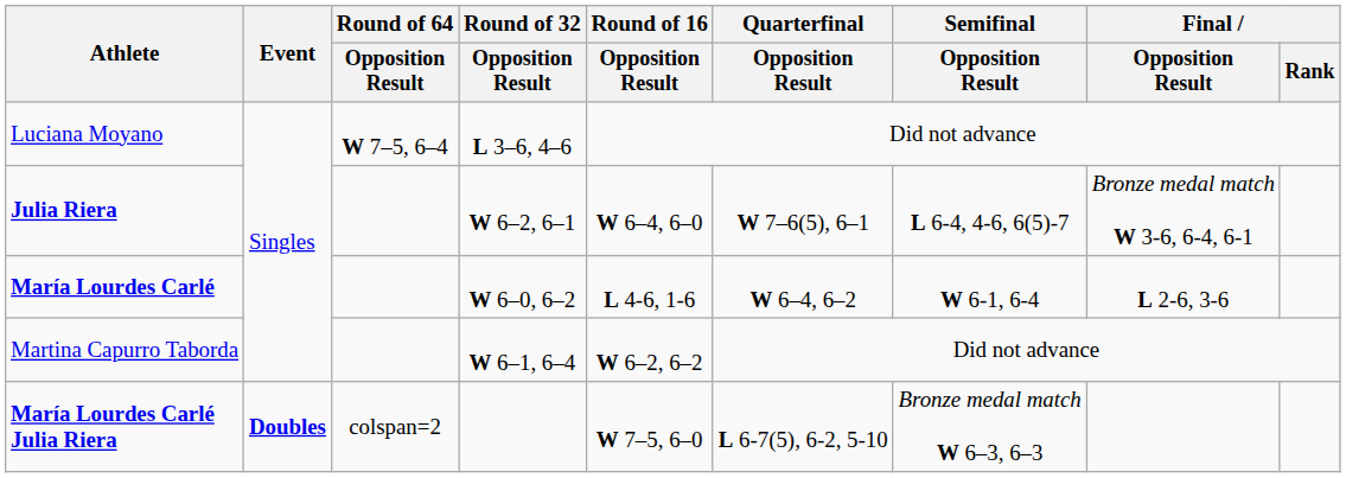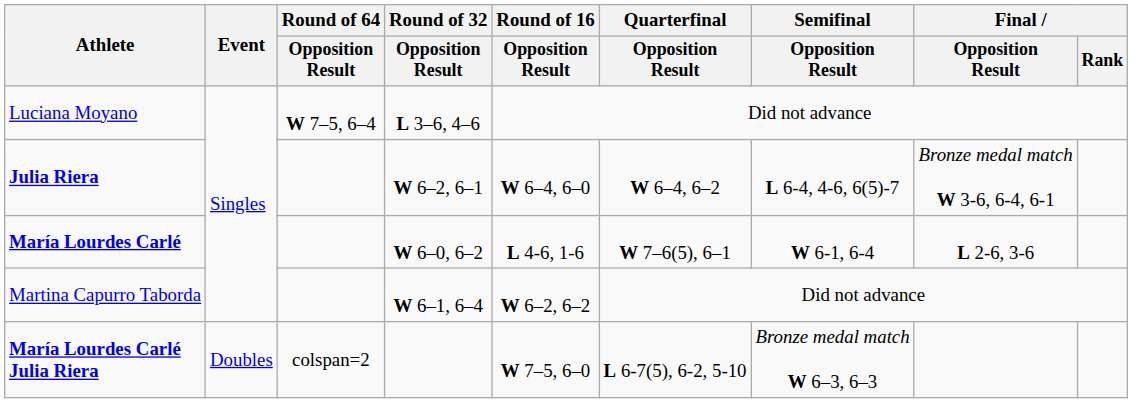 <table class=wikitable style=font-size:90%;text-align:center>
 <tr>
 <th rowspan=2>Athlete</th>
 <th rowspan=2>Event</th>
 <th>Round of 64</th>
 <th>Round of 32</th>
 <th>Round of 16</th>
 <th>Quarterfinal</th>
 <th>Semifinal</th>
 <th colspan=2>Final / </th>
 </tr>
 <tr style=font-size:95%>
 <th>Opposition<br>Result</th>
 <th>Opposition<br>Result</th>
 <th>Opposition<br>Result</th>
 <th>Opposition<br>Result</th>
 <th>Opposition<br>Result</th>
 <th>Opposition<br>Result</th>
 <th>Rank</th>
 </tr>
 <tr>
 <td align=left><a href='#'>Luciana Moyano</a></td>
 <td align=left rowspan=4><a href='#'>Singles</a></td>
 <td><br><strong>W</strong> 7–5, 6–4</td>
 <td><br><strong>L</strong> 3–6, 4–6</td>
 <td align=center colspan=5>Did not advance</td>
 </tr>
 <tr>
 <td align=left><strong><a href='#'>Julia Riera</a></strong></td>
 <td></td>
 <td><br><strong>W</strong> 6–2, 6–1</td>
 <td><br><strong>W</strong> 6–4, 6–0</td>
-<td><br><strong>W</strong> 7–6(5), 6–1</td>
+<td><br><strong>W</strong> 6–4, 6–2</td>
 <td><br><strong>L</strong> 6-4, 4-6, 6(5)-7</td>
 <td><em>Bronze medal match</em><br><br><strong>W</strong> 3-6, 6-4, 6-1</td>
 <td></td>
 </tr>
 <tr>
 <td align=left><strong><a href='#'>María Lourdes Carlé</a></strong></td>
 <td></td>
 <td><br><strong>W</strong> 6–0, 6–2</td>
 <td><br><strong>L</strong> 4-6, 1-6</td>
-<td><br><strong>W</strong> 6–4, 6–2</td>
+<td><br><strong>W</strong> 7–6(5), 6–1</td>
 <td><br><strong>W</strong> 6-1, 6-4</td>
 <td><br><strong>L</strong> 2-6, 3-6</td>
 <td></td>
 </tr>
 <tr>
 <td align=left><a href='#'>Martina Capurro Taborda</a></td>
 <td></td>
 <td><br><strong>W</strong> 6–1, 6–4</td>
 <td><br><strong>W</strong> 6–2, 6–2</td>
 <td align=center colspan=4>Did not advance</td>
 </tr>
 <tr>
 <td align=left><strong><a href='#'>María Lourdes Carlé</a><br><a href='#'>Julia Riera</a></strong></td>
-<td align=left><strong><a href='#'>Doubles</a></strong></td>
+<td align=left><a href='#'>Doubles</a></td>
 <td>colspan=2 </td>
 <td></td>
 <td align=center><br><strong>W</strong> 7–5, 6–0</td>
 <td align=center><br><strong>L</strong> 6-7(5), 6-2, 5-10</td>
 <td><em>Bronze medal match</em><br><br><strong>W</strong> 6–3, 6–3</td>
 <td></td>
 </tr>
 </table>
